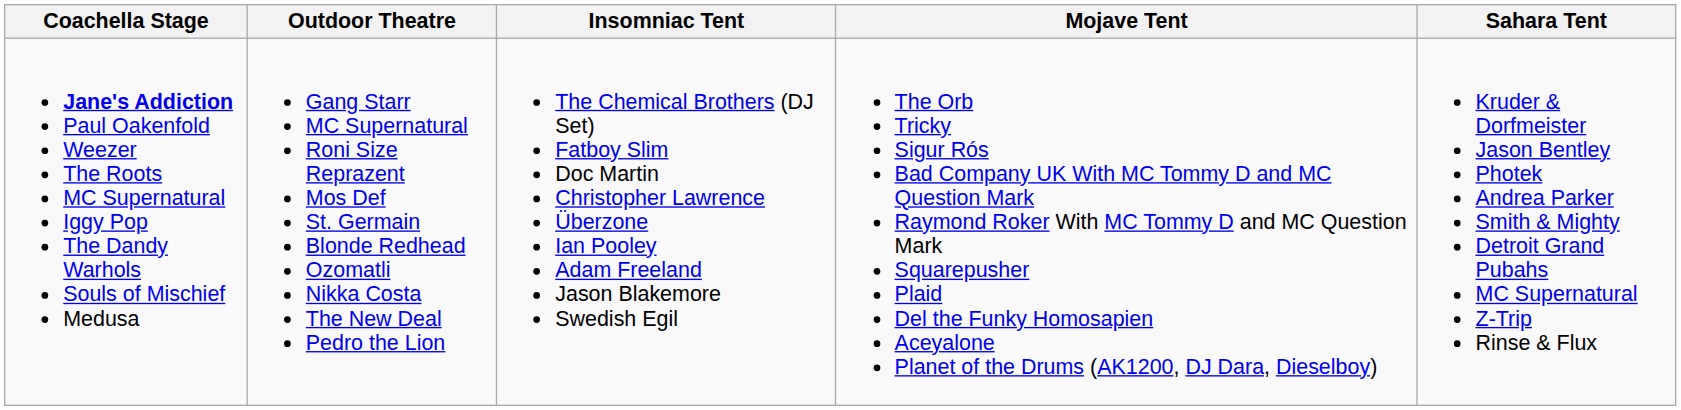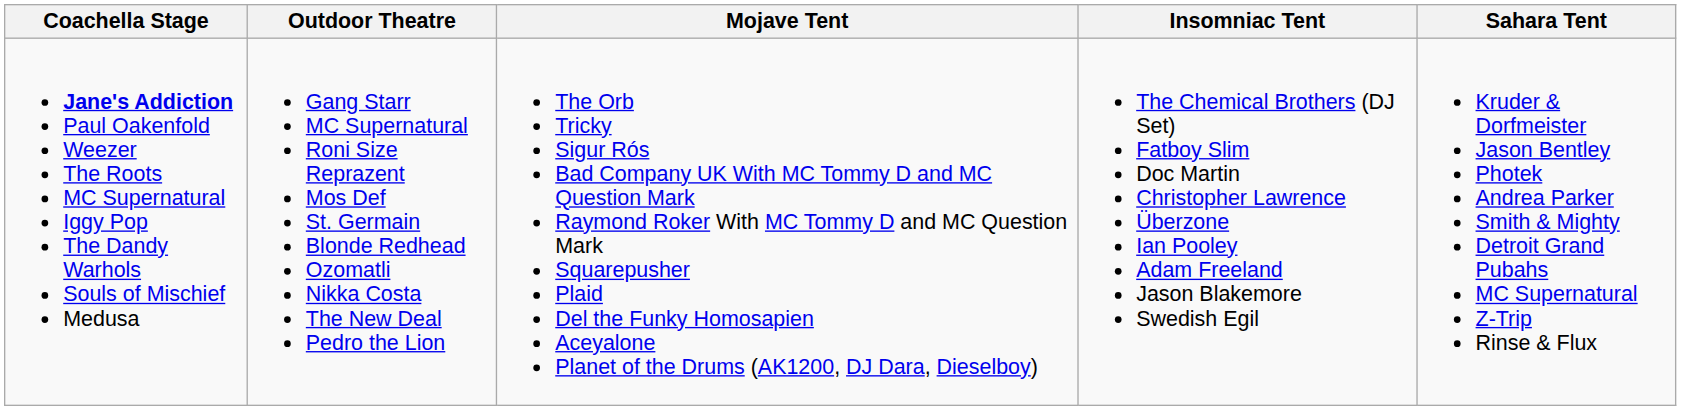 <table class="wikitable">
 <tr>
 <th>Coachella Stage</th>
 <th>Outdoor Theatre</th>
+<th>Mojave Tent</th>
 <th>Insomniac Tent</th>
-<th>Mojave Tent</th>
 <th>Sahara Tent</th>
 </tr>
 <tr valign="top">
 <td><br><ul><li><strong><a href='#'>Jane's Addiction</a></strong></li><li><a href='#'>Paul Oakenfold</a></li><li><a href='#'>Weezer</a></li><li><a href='#'>The Roots</a></li><li><a href='#'>MC Supernatural</a></li><li><a href='#'>Iggy Pop</a></li><li><a href='#'>The Dandy Warhols</a></li><li><a href='#'>Souls of Mischief</a></li><li>Medusa</li></ul></td>
 <td><br><ul><li><a href='#'>Gang Starr</a></li><li><a href='#'>MC Supernatural</a></li><li><a href='#'>Roni Size Reprazent</a></li><li><a href='#'>Mos Def</a></li><li><a href='#'>St. Germain</a></li><li><a href='#'>Blonde Redhead</a></li><li><a href='#'>Ozomatli</a></li><li><a href='#'>Nikka Costa</a></li><li><a href='#'>The New Deal</a></li><li><a href='#'>Pedro the Lion</a></li></ul></td>
+<td><br><ul><li><a href='#'>The Orb</a></li><li><a href='#'>Tricky</a></li><li><a href='#'>Sigur Rós</a></li><li><a href='#'>Bad Company UK With MC Tommy D and MC Question Mark</a></li><li><a href='#'>Raymond Roker</a> With <a href='#'>MC Tommy D</a> and MC Question Mark</li><li><a href='#'>Squarepusher</a></li><li><a href='#'>Plaid</a></li><li><a href='#'>Del the Funky Homosapien</a></li><li><a href='#'>Aceyalone</a></li><li><a href='#'>Planet of the Drums</a> (<a href='#'>AK1200</a>, <a href='#'>DJ Dara</a>, <a href='#'>Dieselboy</a>)</li></ul></td>
 <td><br><ul><li><a href='#'>The Chemical Brothers</a> (DJ Set)</li><li><a href='#'>Fatboy Slim</a></li><li>Doc Martin</li><li><a href='#'>Christopher Lawrence</a></li><li><a href='#'>Überzone</a></li><li><a href='#'>Ian Pooley</a></li><li><a href='#'>Adam Freeland</a></li><li>Jason Blakemore</li><li>Swedish Egil</li></ul></td>
-<td><br><ul><li><a href='#'>The Orb</a></li><li><a href='#'>Tricky</a></li><li><a href='#'>Sigur Rós</a></li><li><a href='#'>Bad Company UK With MC Tommy D and MC Question Mark</a></li><li><a href='#'>Raymond Roker</a> With <a href='#'>MC Tommy D</a> and MC Question Mark</li><li><a href='#'>Squarepusher</a></li><li><a href='#'>Plaid</a></li><li><a href='#'>Del the Funky Homosapien</a></li><li><a href='#'>Aceyalone</a></li><li><a href='#'>Planet of the Drums</a> (<a href='#'>AK1200</a>, <a href='#'>DJ Dara</a>, <a href='#'>Dieselboy</a>)</li></ul></td>
 <td><br><ul><li><a href='#'>Kruder & Dorfmeister</a></li><li><a href='#'>Jason Bentley</a></li><li><a href='#'>Photek</a></li><li><a href='#'>Andrea Parker</a></li><li><a href='#'>Smith & Mighty</a></li><li><a href='#'>Detroit Grand Pubahs</a></li><li><a href='#'>MC Supernatural</a></li><li><a href='#'>Z-Trip</a></li><li>Rinse & Flux</li></ul></td>
 </tr>
 </table>
